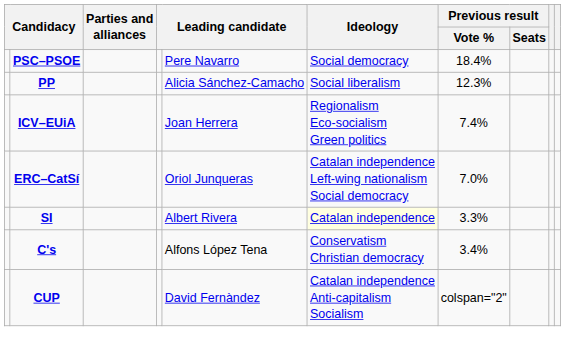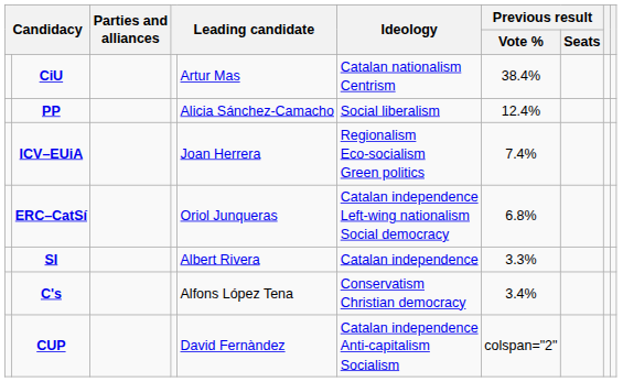 <table class="wikitable" style="line-height:1.35em; text-align:left;">
 <tr>
 <th colspan="2" rowspan="2">Candidacy</th>
 <th rowspan="2">Parties and<br>alliances</th>
 <th colspan="2" rowspan="2">Leading candidate</th>
 <th rowspan="2">Ideology</th>
 <th colspan="2">Previous result</th>
 <th rowspan="2"></th>
 <th rowspan="2"></th>
 </tr>
 <tr>
 <th>Vote %</th>
 <th>Seats</th>
 </tr>
 <tr>
-<td style="color:inherit;background:"></td>
-<td align="center"><strong><a href='#'>PSC–PSOE</a></strong></td>
+<td width="1" style="color:inherit;background:"></td>
+<td align="center"><strong><a href='#'>CiU</a></strong></td>
 <td></td>
 <td></td>
-<td><a href='#'>Pere Navarro</a></td>
-<td><a href='#'>Social democracy</a></td>
-<td align="center">18.4%</td>
+<td><a href='#'>Artur Mas</a></td>
+<td><a href='#'>Catalan nationalism</a><br><a href='#'>Centrism</a></td>
+<td align="center">38.4%</td>
 <td></td>
 <td></td>
 <td></td>
 </tr>
 <tr>
 <td style="color:inherit;background:"></td>
 <td align="center"><strong><a href='#'>PP</a></strong></td>
 <td></td>
 <td></td>
 <td><a href='#'>Alicia Sánchez-Camacho</a></td>
 <td><a href='#'>Social liberalism</a></td>
-<td align="center">12.3%</td>
+<td align="center">12.4%</td>
 <td></td>
 <td></td>
 <td></td>
 </tr>
 <tr>
 <td style="color:inherit;background:"></td>
 <td align="center"><strong><a href='#'>ICV–EUiA</a></strong></td>
 <td></td>
 <td></td>
 <td><a href='#'>Joan Herrera</a></td>
 <td><a href='#'>Regionalism</a><br><a href='#'>Eco-socialism</a><br><a href='#'>Green politics</a></td>
 <td align="center">7.4%</td>
 <td></td>
 <td></td>
 <td></td>
 </tr>
 <tr>
 <td style="color:inherit;background:"></td>
 <td align="center"><strong><a href='#'>ERC–CatSí</a></strong></td>
 <td></td>
 <td></td>
 <td><a href='#'>Oriol Junqueras</a></td>
 <td><a href='#'>Catalan independence</a><br><a href='#'>Left-wing nationalism</a><br><a href='#'>Social democracy</a></td>
-<td align="center">7.0%</td>
+<td align="center">6.8%</td>
 <td></td>
 <td></td>
 <td><br></td>
 </tr>
 <tr>
 <td style="color:inherit;background:"></td>
 <td align="center"><strong><a href='#'>SI</a></strong></td>
 <td></td>
 <td></td>
 <td><a href='#'>Albert Rivera</a></td>
-<td style="background: lightyellow;"><a href='#'>Catalan independence</a></td>
+<td><a href='#'>Catalan independence</a></td>
 <td align="center">3.3%</td>
 <td></td>
 <td></td>
 <td></td>
 </tr>
 <tr>
 <td style="color:inherit;background:"></td>
 <td align="center"><strong><a href='#'>C's</a></strong></td>
 <td></td>
 <td></td>
 <td>Alfons López Tena</td>
 <td><a href='#'>Conservatism</a><br><a href='#'>Christian democracy</a></td>
 <td align="center">3.4%</td>
 <td></td>
 <td></td>
 <td></td>
 </tr>
 <tr>
 <td style="color:inherit;background:"></td>
 <td align="center"><strong><a href='#'>CUP</a></strong></td>
 <td></td>
 <td></td>
 <td><a href='#'>David Fernàndez</a></td>
 <td><a href='#'>Catalan independence</a><br><a href='#'>Anti-capitalism</a><br><a href='#'>Socialism</a></td>
 <td>colspan="2" </td>
 <td></td>
 <td></td>
 </tr>
 </table>
